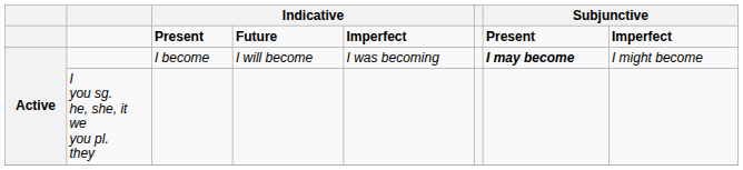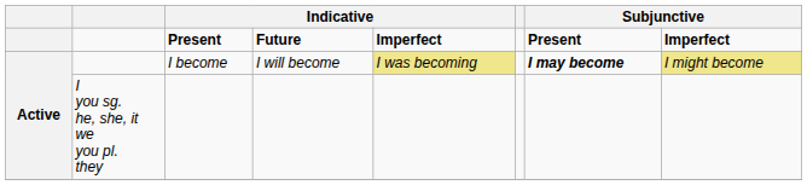 <table class="wikitable" style="width: 55em;">
 <tr>
 <th></th>
 <th></th>
 <th colspan="3">Indicative</th>
 <th></th>
 <th colspan="2">Subjunctive</th>
 </tr>
 <tr>
 <th></th>
 <td></td>
 <td><strong>Present</strong></td>
 <td><strong>Future</strong></td>
 <td><strong>Imperfect</strong></td>
 <td></td>
 <td><strong>Present</strong></td>
 <td><strong>Imperfect</strong></td>
 </tr>
 <tr>
 <th rowspan=2>Active</th>
 <td></td>
 <td><em>I become</em></td>
 <td><em>I will become</em></td>
-<td><em>I was becoming</em></td>
+<td style="background: khaki;"><em>I was becoming</em></td>
 <td></td>
 <td><strong><em>I may become</em></strong></td>
-<td><em>I might become</em></td>
+<td style="background: khaki;"><em>I might become</em></td>
 </tr>
 <tr>
 <td><em>I<br>you sg.<br>he, she, it<br>we<br>you pl.<br>they</em></td>
 <td><strong></strong></td>
 <td><strong></strong></td>
 <td><strong></strong></td>
 <td></td>
 <td><strong></strong></td>
 <td><strong></strong></td>
 </tr>
 <tr>
 </tr>
 </table>
